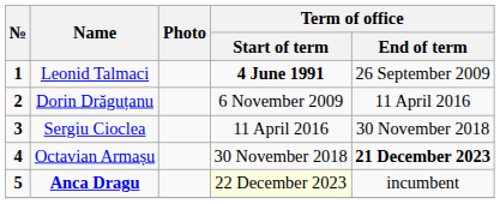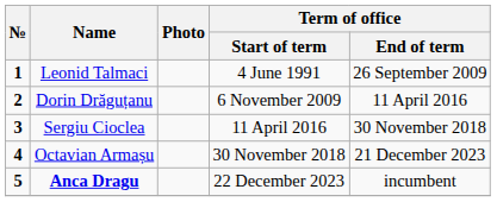 <table class="wikitable" style="text-align:center">
 <tr>
 <th rowspan="2">№</th>
 <th rowspan="2">Name</th>
 <th rowspan="2">Photo</th>
 <th colspan="2">Term of office</th>
 </tr>
 <tr>
 <th>Start of term</th>
 <th>End of term</th>
 </tr>
 <tr>
 <td><strong>1</strong></td>
 <td><a href='#'>Leonid Talmaci</a></td>
 <td></td>
-<td><strong>4 June 1991</strong></td>
+<td>4 June 1991</td>
 <td>26 September 2009</td>
 </tr>
 <tr>
 <td><strong>2</strong></td>
 <td><a href='#'>Dorin Drăguțanu</a></td>
 <td></td>
 <td>6 November 2009</td>
 <td>11 April 2016</td>
 </tr>
 <tr>
 <td><strong>3</strong></td>
 <td><a href='#'>Sergiu Cioclea</a></td>
 <td></td>
 <td>11 April 2016</td>
 <td>30 November 2018</td>
 </tr>
 <tr>
 <td><strong>4</strong></td>
 <td><a href='#'>Octavian Armașu</a></td>
 <td></td>
 <td>30 November 2018</td>
-<td><strong>21 December 2023</strong></td>
+<td>21 December 2023</td>
 </tr>
 <tr>
 <td><strong>5</strong></td>
 <td><strong><a href='#'>Anca Dragu</a></strong></td>
 <td></td>
-<td style="background: lightyellow;">22 December 2023</td>
+<td>22 December 2023</td>
 <td>incumbent</td>
 </tr>
 <tr>
 </tr>
 </table>
